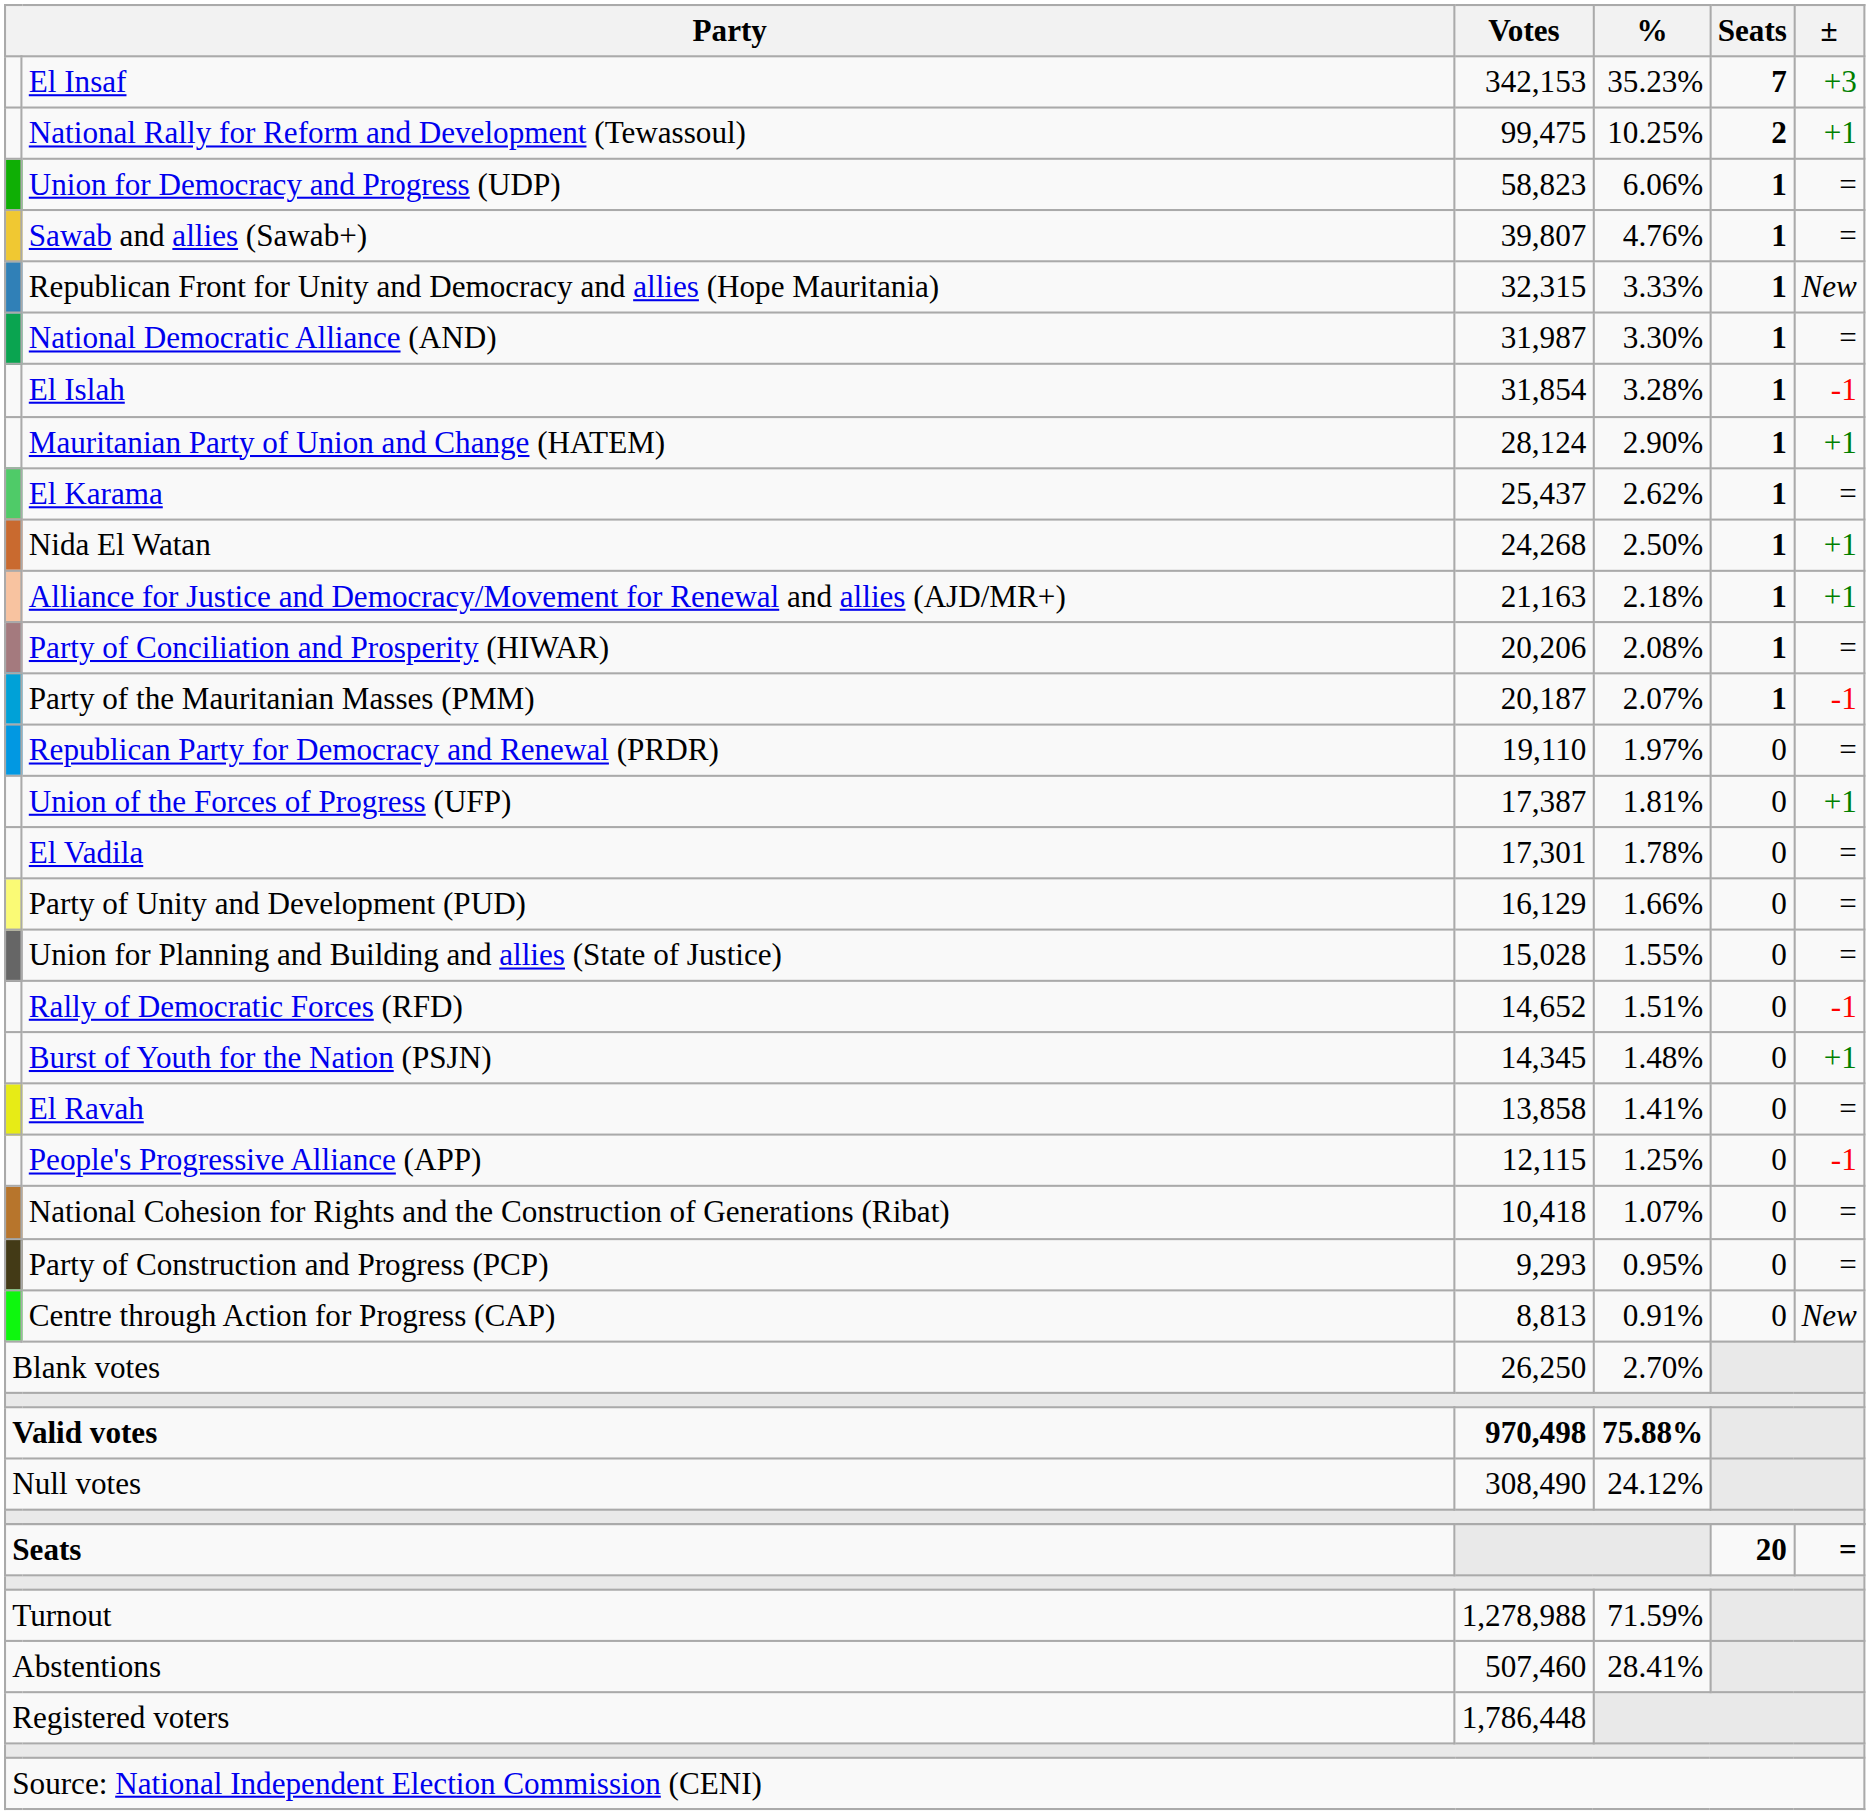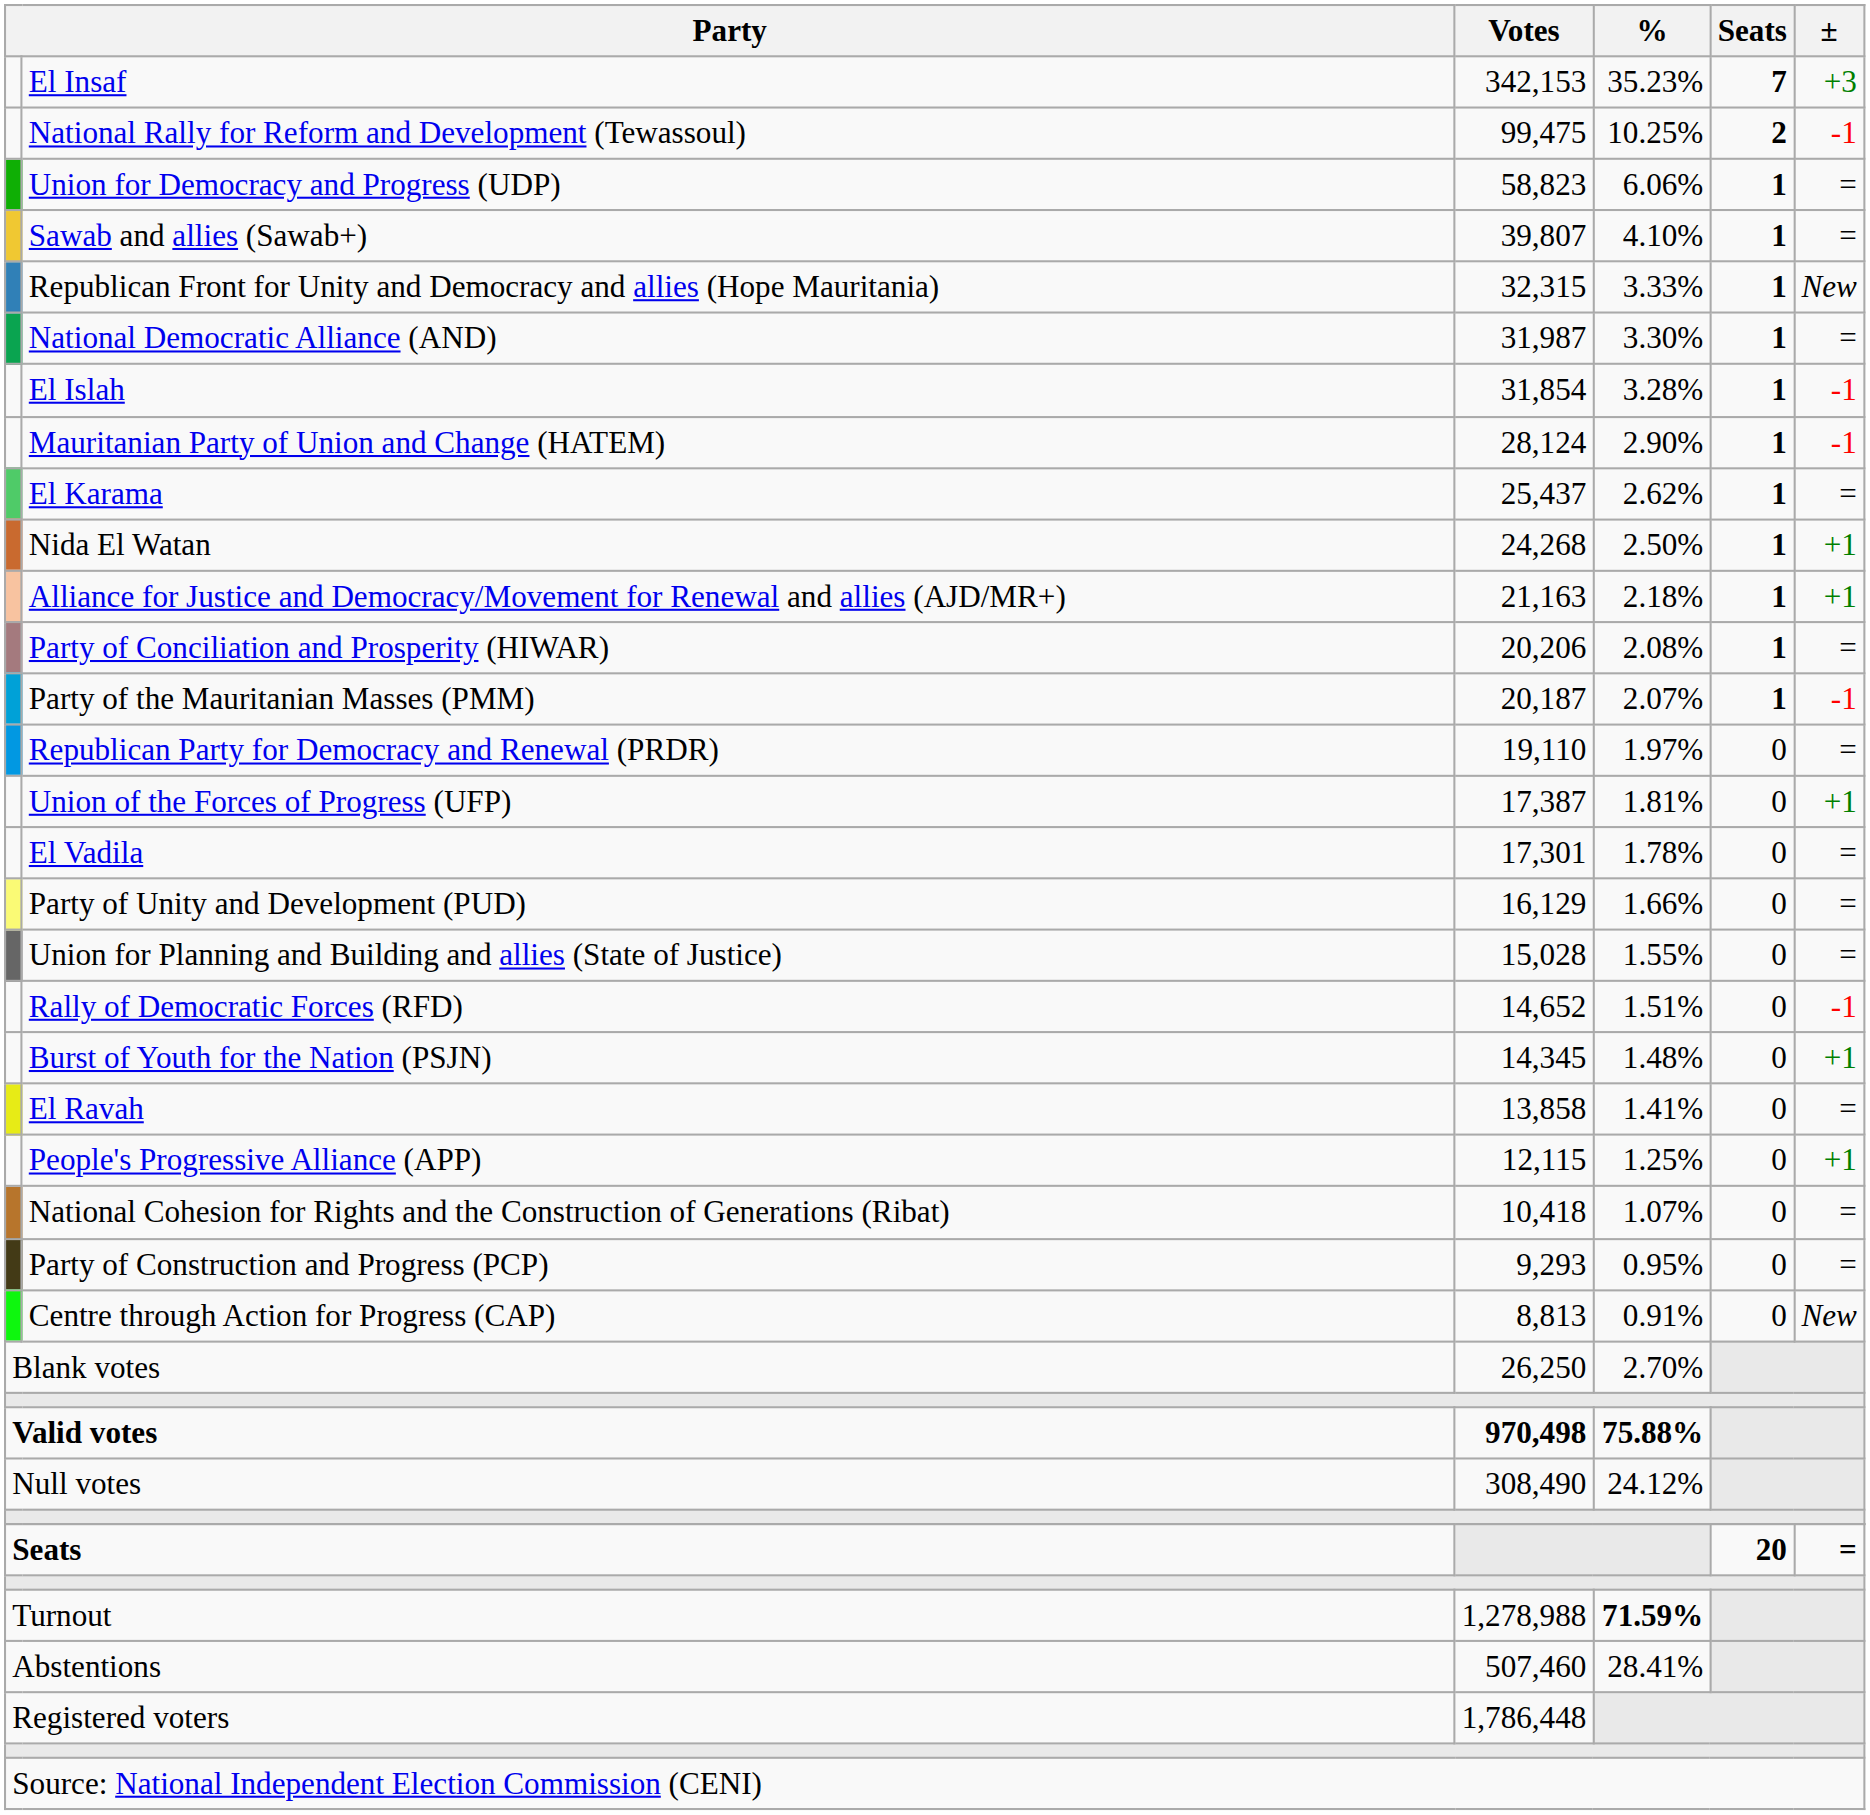 <table class="wikitable" style="text-align:right;font-size:95%;">
 <tr>
 <th width="700" colspan="2">Party</th>
 <th width="50">Votes</th>
 <th width="50">%</th>
 <th width="25">Seats</th>
 <th width="20">±</th>
 </tr>
 <tr>
 <td width="1" style="color:inherit;background:"></td>
 <td style="text-align:left;"><a href='#'>El Insaf</a></td>
 <td>342,153</td>
 <td>35.23%</td>
 <td><strong>7</strong></td>
 <td style="color:green;">+3</td>
 </tr>
 <tr>
 <td width="1" style="color:inherit;background:"></td>
 <td style="text-align:left;"><a href='#'>National Rally for Reform and Development</a> (Tewassoul)</td>
 <td>99,475</td>
 <td>10.25%</td>
 <td><strong>2</strong></td>
-<td style="color:green;">+1</td>
+<td style="color:red;">-1</td>
 </tr>
 <tr>
 <td width="1" style="color:inherit;background:#0FAF05;"></td>
 <td style="text-align:left;"><a href='#'>Union for Democracy and Progress</a> (UDP)</td>
 <td>58,823</td>
 <td>6.06%</td>
 <td><strong>1</strong></td>
 <td>=</td>
 </tr>
 <tr>
 <td width="1" style="color:inherit;background:#F0C832;"></td>
 <td style="text-align:left;"><a href='#'>Sawab</a> and <a href='#'>allies</a> (Sawab+)</td>
 <td>39,807</td>
-<td>4.76%</td>
+<td>4.10%</td>
 <td><strong>1</strong></td>
 <td>=</td>
 </tr>
 <tr>
 <td width="1" style="color:inherit;background:#3080B7;"></td>
 <td style="text-align:left;">Republican Front for Unity and Democracy and <a href='#'>allies</a> (Hope Mauritania)</td>
 <td>32,315</td>
 <td>3.33%</td>
 <td><strong>1</strong></td>
 <td><em>New</em></td>
 </tr>
 <tr>
 <td width="1" style="color:inherit;background:#0AA450;"></td>
 <td style="text-align:left;"><a href='#'>National Democratic Alliance</a> (AND)</td>
 <td>31,987</td>
 <td>3.30%</td>
 <td><strong>1</strong></td>
 <td>=</td>
 </tr>
 <tr>
 <td width="1" style="color:inherit;background:"></td>
 <td style="text-align:left;"><a href='#'>El Islah</a></td>
 <td>31,854</td>
 <td>3.28%</td>
 <td><strong>1</strong></td>
 <td style="color:red;">-1</td>
 </tr>
 <tr>
 <td width="1" style="color:inherit;background:"></td>
 <td style="text-align:left;"><a href='#'>Mauritanian Party of Union and Change</a> (HATEM)</td>
 <td>28,124</td>
 <td>2.90%</td>
 <td><strong>1</strong></td>
-<td style="color:green;">+1</td>
+<td style="color:red;">-1</td>
 </tr>
 <tr>
 <td width="1" style="color:inherit;background:#4FCB68;"></td>
 <td style="text-align:left;"><a href='#'>El Karama</a></td>
 <td>25,437</td>
 <td>2.62%</td>
 <td><strong>1</strong></td>
 <td>=</td>
 </tr>
 <tr>
 <td width="1" style="color:inherit;background:#C96A2F;"></td>
 <td style="text-align:left;">Nida El Watan</td>
 <td>24,268</td>
 <td>2.50%</td>
 <td><strong>1</strong></td>
 <td style="color:green;">+1</td>
 </tr>
 <tr>
 <td width="1" style="color:inherit;background:#F8C3A0;"></td>
 <td style="text-align:left;"><a href='#'>Alliance for Justice and Democracy/Movement for Renewal</a> and <a href='#'>allies</a> (AJD/MR+)</td>
 <td>21,163</td>
 <td>2.18%</td>
 <td><strong>1</strong></td>
 <td style="color:green;">+1</td>
 </tr>
 <tr>
 <td width="1" style="color:inherit;background:#A47A7E;"></td>
 <td style="text-align:left;"><a href='#'>Party of Conciliation and Prosperity</a> (HIWAR)</td>
 <td>20,206</td>
 <td>2.08%</td>
 <td><strong>1</strong></td>
 <td>=</td>
 </tr>
 <tr>
 <td width="1" style="color:inherit;background:#00A1D7;"></td>
 <td style="text-align:left;">Party of the Mauritanian Masses (PMM)</td>
 <td>20,187</td>
 <td>2.07%</td>
 <td><strong>1</strong></td>
 <td style="color:red;">-1</td>
 </tr>
 <tr>
 <td width="1" style="color:inherit;background:#0198E2;"></td>
 <td style="text-align:left;"><a href='#'>Republican Party for Democracy and Renewal</a> (PRDR)</td>
 <td>19,110</td>
 <td>1.97%</td>
 <td>0</td>
 <td>=</td>
 </tr>
 <tr>
 <td width="1" style="color:inherit;background:"></td>
 <td style="text-align:left;"><a href='#'>Union of the Forces of Progress</a> (UFP)</td>
 <td>17,387</td>
 <td>1.81%</td>
 <td>0</td>
 <td style="color:green;">+1</td>
 </tr>
 <tr>
 <td width="1" style="color:inherit;background:"></td>
 <td style="text-align:left;"><a href='#'>El Vadila</a></td>
 <td>17,301</td>
 <td>1.78%</td>
 <td>0</td>
 <td>=</td>
 </tr>
 <tr>
 <td width="1" style="color:inherit;background:#FAFA75;"></td>
 <td style="text-align:left;">Party of Unity and Development (PUD)</td>
 <td>16,129</td>
 <td>1.66%</td>
 <td>0</td>
 <td>=</td>
 </tr>
 <tr>
 <td width="1" style="color:inherit;background:#666666;"></td>
 <td style="text-align:left;">Union for Planning and Building and <a href='#'>allies</a> (State of Justice)</td>
 <td>15,028</td>
 <td>1.55%</td>
 <td>0</td>
 <td>=</td>
 </tr>
 <tr>
 <td width="1" style="color:inherit;background:"></td>
 <td style="text-align:left;"><a href='#'>Rally of Democratic Forces</a> (RFD)</td>
 <td>14,652</td>
 <td>1.51%</td>
 <td>0</td>
 <td style="color:red;">-1</td>
 </tr>
 <tr>
 <td width="1" style="color:inherit;background:"></td>
 <td style="text-align:left;"><a href='#'>Burst of Youth for the Nation</a> (PSJN)</td>
 <td>14,345</td>
 <td>1.48%</td>
 <td>0</td>
 <td style="color:green;">+1</td>
 </tr>
 <tr>
 <td width="1" style="color:inherit;background:#E7EB16;"></td>
 <td style="text-align:left;"><a href='#'>El Ravah</a></td>
 <td>13,858</td>
 <td>1.41%</td>
 <td>0</td>
 <td>=</td>
 </tr>
 <tr>
 <td width="1" style="color:inherit;background:"></td>
 <td style="text-align:left;"><a href='#'>People's Progressive Alliance</a> (APP)</td>
 <td>12,115</td>
 <td>1.25%</td>
 <td>0</td>
-<td style="color:red;">-1</td>
+<td style="color:green;">+1</td>
 </tr>
 <tr>
 <td width="1" style="color:inherit;background:#B7752C;"></td>
 <td style="text-align:left;">National Cohesion for Rights and the Construction of Generations (Ribat)</td>
 <td>10,418</td>
 <td>1.07%</td>
 <td>0</td>
 <td>=</td>
 </tr>
 <tr>
 <td width="1" style="color:inherit;background:#433A16;"></td>
 <td style="text-align:left;">Party of Construction and Progress (PCP)</td>
 <td>9,293</td>
 <td>0.95%</td>
 <td>0</td>
 <td>=</td>
 </tr>
 <tr>
 <td width="1" style="color:inherit;background:#0EF70E;"></td>
 <td style="text-align:left;">Centre through Action for Progress (CAP)</td>
 <td>8,813</td>
 <td>0.91%</td>
 <td>0</td>
 <td><em>New</em></td>
 </tr>
 <tr>
 <td colspan="2" style="text-align:left;">Blank votes</td>
 <td>26,250</td>
 <td>2.70%</td>
 <td colspan="2" style="background:#E9E9E9;"></td>
 </tr>
 <tr>
 <td colspan="6" style="background:#E9E9E9;"></td>
 </tr>
 <tr style="font-weight:bold;">
 <td colspan="2" style="text-align:left;">Valid votes</td>
 <td>970,498</td>
 <td>75.88%</td>
 <td colspan="2" style="background:#E9E9E9;"></td>
 </tr>
 <tr>
 <td colspan="2" style="text-align:left;">Null votes</td>
 <td>308,490</td>
 <td>24.12%</td>
 <td colspan="2" style="background:#E9E9E9;"></td>
 </tr>
 <tr>
 <td colspan="6" style="background:#E9E9E9;"></td>
 </tr>
 <tr>
 </tr>
 <tr style="font-weight:bold;">
 <td colspan="2" style="text-align:left;">Seats</td>
 <td colspan="2" style="background:#E9E9E9;"></td>
 <td>20</td>
 <td>=</td>
 </tr>
 <tr>
 <td colspan="6" style="background:#E9E9E9;"></td>
 </tr>
 <tr>
 <td colspan="2" style="text-align:left;">Turnout</td>
 <td>1,278,988</td>
-<td>71.59%</td>
+<td><strong>71.59%</strong></td>
 <td colspan="2" style="background:#E9E9E9;"></td>
 </tr>
 <tr>
 <td colspan="2" style="text-align:left;">Abstentions</td>
 <td>507,460</td>
 <td>28.41%</td>
 <td colspan="2" style="background:#E9E9E9;"></td>
 </tr>
 <tr>
 <td colspan="2" style="text-align:left;">Registered voters</td>
 <td>1,786,448</td>
 <td colspan="3" style="background:#E9E9E9;"></td>
 </tr>
 <tr>
 <td colspan="6" style="background:#E9E9E9;"></td>
 </tr>
 <tr>
 <td colspan="6" style="text-align:left;">Source: <a href='#'>National Independent Election Commission</a> (CENI)</td>
 </tr>
 </table>
